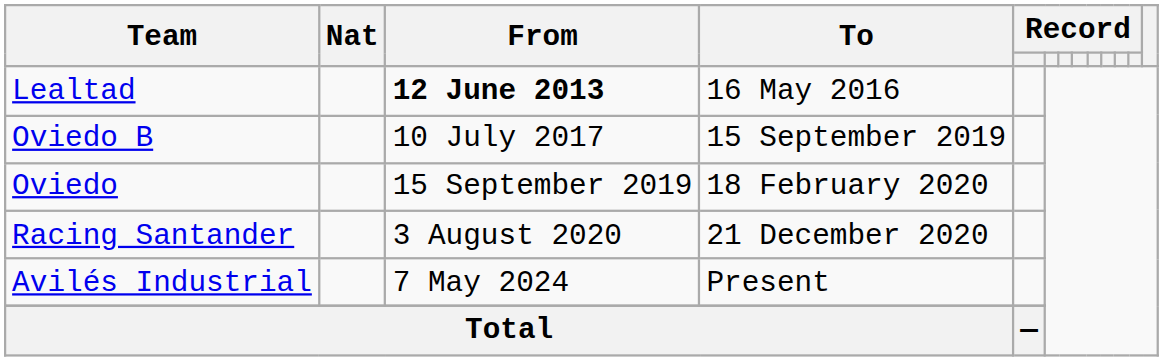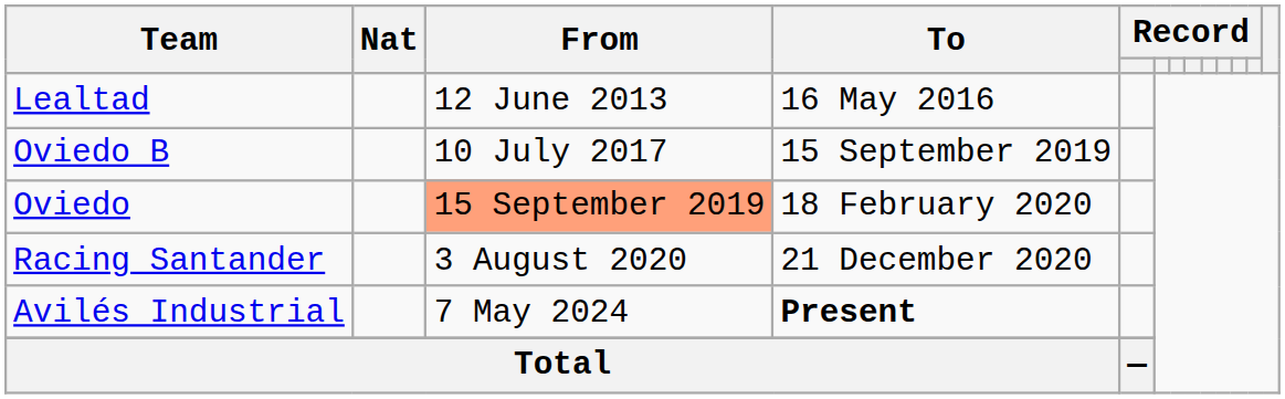 <table class="wikitable" style="text-align: center">
 <tr>
 <th rowspan="2">Team</th>
 <th rowspan="2">Nat</th>
 <th rowspan="2">From</th>
 <th rowspan="2">To</th>
 <th colspan="8">Record</th>
 <th rowspan=2></th>
 </tr>
 <tr>
 <th></th>
 <th></th>
 <th></th>
 <th></th>
 <th></th>
 <th></th>
 <th></th>
 <th></th>
 </tr>
 <tr>
 <td align=left><a href='#'>Lealtad</a></td>
 <td align=left></td>
-<td align=left><strong>12 June 2013</strong></td>
+<td align=left>12 June 2013</td>
 <td align=left>16 May 2016<br></td>
 <td></td>
 </tr>
 <tr>
 <td align=left><a href='#'>Oviedo B</a></td>
 <td align=left></td>
 <td align=left>10 July 2017</td>
 <td align=left>15 September 2019<br></td>
 <td></td>
 </tr>
 <tr>
 <td align=left><a href='#'>Oviedo</a></td>
 <td align=left></td>
-<td align=left>15 September 2019</td>
+<td align=left style="background: lightsalmon;">15 September 2019</td>
 <td align=left>18 February 2020<br></td>
 <td></td>
 </tr>
 <tr>
 <td align=left><a href='#'>Racing Santander</a></td>
 <td align=left></td>
 <td align=left>3 August 2020</td>
 <td align=left>21 December 2020<br></td>
 <td></td>
 </tr>
 <tr>
 <td align=left><a href='#'>Avilés Industrial</a></td>
 <td align=left></td>
 <td align=left>7 May 2024</td>
-<td align=left>Present<br></td>
+<td align=left><strong>Present<br></strong></td>
 <td></td>
 </tr>
 <tr>
 </tr>
 <tr>
 <th colspan="4">Total<br></th>
 <th>—</th>
 </tr>
 </table>
